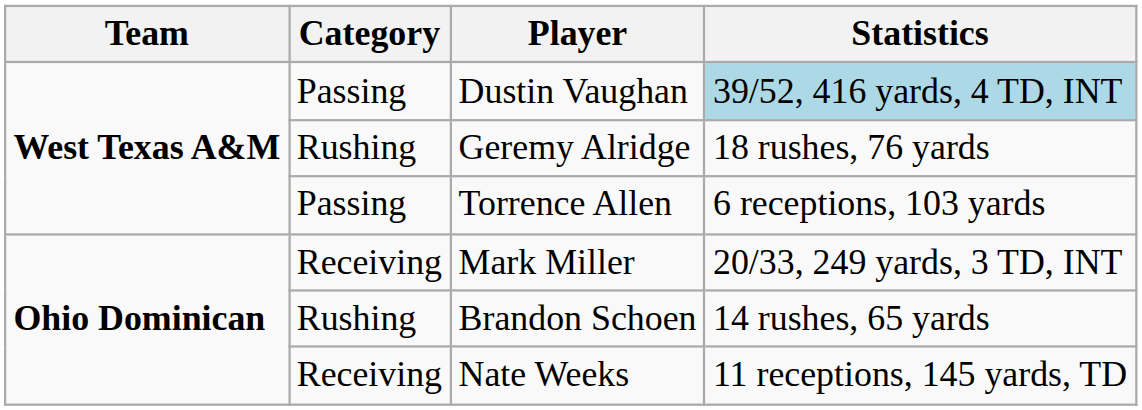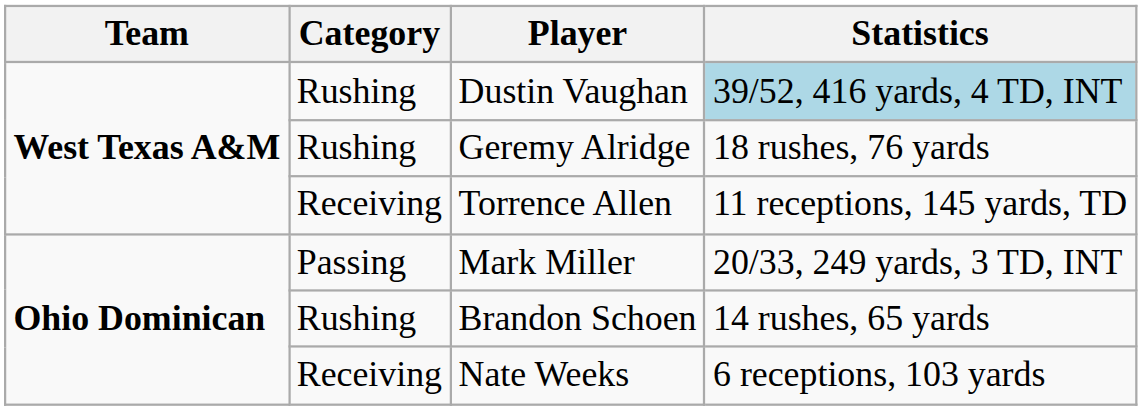 <table class="wikitable" style="float: left;">
 <tr>
 <th>Team</th>
 <th>Category</th>
 <th>Player</th>
 <th>Statistics</th>
 </tr>
 <tr>
 <td rowspan=3><strong>West Texas A&M</strong></td>
-<td>Passing</td>
+<td>Rushing</td>
 <td>Dustin Vaughan</td>
 <td style="background: lightblue;">39/52, 416 yards, 4 TD, INT</td>
 </tr>
 <tr>
 <td>Rushing</td>
 <td>Geremy Alridge</td>
 <td>18 rushes, 76 yards</td>
 </tr>
 <tr>
-<td>Passing</td>
+<td>Receiving</td>
 <td>Torrence Allen</td>
-<td>6 receptions, 103 yards</td>
+<td>11 receptions, 145 yards, TD</td>
 </tr>
 <tr>
 <td rowspan=3><strong>Ohio Dominican</strong></td>
-<td>Receiving</td>
+<td>Passing</td>
 <td>Mark Miller</td>
 <td>20/33, 249 yards, 3 TD, INT</td>
 </tr>
 <tr>
 <td>Rushing</td>
 <td>Brandon Schoen</td>
 <td>14 rushes, 65 yards</td>
 </tr>
 <tr>
 <td>Receiving</td>
 <td>Nate Weeks</td>
-<td>11 receptions, 145 yards, TD</td>
+<td>6 receptions, 103 yards</td>
 </tr>
 </table>
